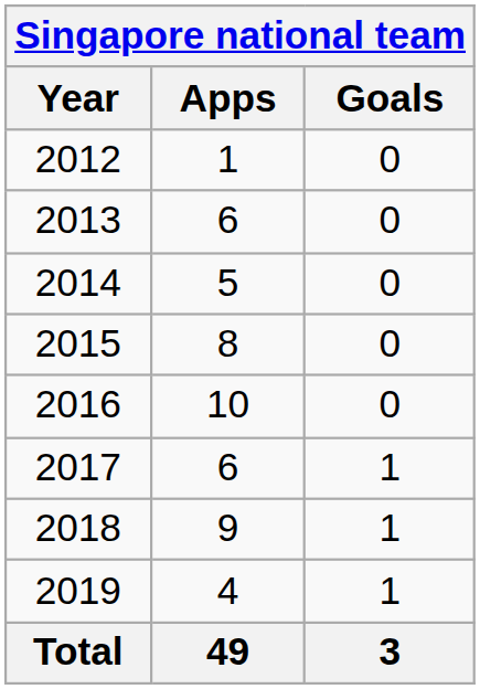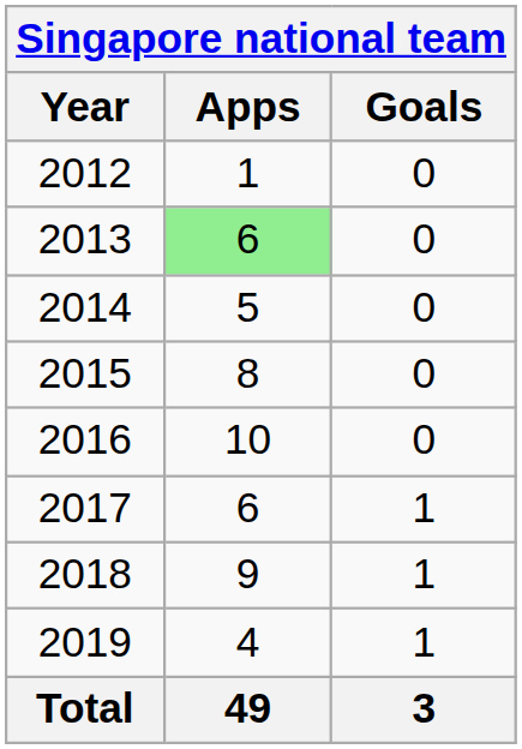 <table class="wikitable" style="text-align:center">
 <tr>
 <th colspan=3><a href='#'>Singapore national team</a></th>
 </tr>
 <tr>
 <th>Year</th>
 <th>Apps</th>
 <th>Goals</th>
 </tr>
 <tr>
 <td>2012</td>
 <td>1</td>
 <td>0</td>
 </tr>
 <tr>
 <td>2013</td>
-<td>6</td>
+<td style="background: lightgreen;">6</td>
 <td>0</td>
 </tr>
 <tr>
 <td>2014</td>
 <td>5</td>
 <td>0</td>
 </tr>
 <tr>
 <td>2015</td>
 <td>8</td>
 <td>0</td>
 </tr>
 <tr>
 <td>2016</td>
 <td>10</td>
 <td>0</td>
 </tr>
 <tr>
 <td>2017</td>
 <td>6</td>
 <td>1</td>
 </tr>
 <tr>
 <td>2018</td>
 <td>9</td>
 <td>1</td>
 </tr>
 <tr>
 <td>2019</td>
 <td>4</td>
 <td>1</td>
 </tr>
 <tr>
 <th>Total</th>
 <th>49</th>
 <th>3</th>
 </tr>
 </table>
